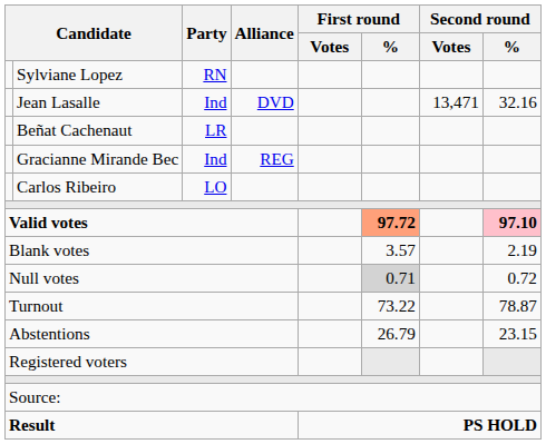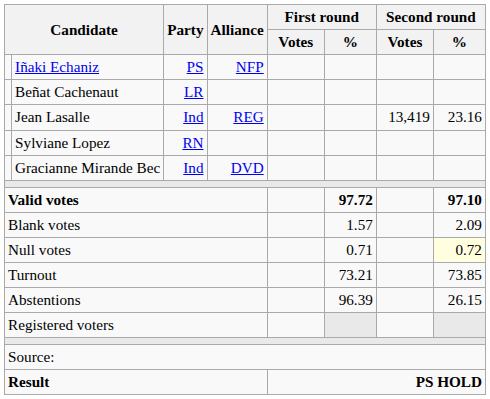 <table class="wikitable" style="text-align:right;font-size:95%;">
 <tr>
 <th colspan="2" rowspan="2">Candidate</th>
 <th colspan="1" rowspan="2">Party</th>
 <th colspan="1" rowspan="2">Alliance</th>
 <th colspan="2">First round</th>
 <th colspan="2">Second round</th>
 </tr>
 <tr>
 <th style="width:50px;">Votes</th>
 <th style="width:45px;">%</th>
 <th style="width:50px;">Votes</th>
 <th style="width:45px;">%</th>
 </tr>
 <tr>
 <td style="color:inherit;background:"></td>
-<td style="text-align:left;">Sylviane Lopez</td>
-<td><a href='#'>RN</a></td>
-<td></td>
+<td style="text-align:left;"><a href='#'>Iñaki Echaniz</a></td>
+<td><a href='#'>PS</a></td>
+<td><a href='#'>NFP</a></td>
 <td><strong></strong></td>
 <td><strong></strong></td>
-<td></td>
-<td></td>
-</tr>
-<tr>
-<td style="color:inherit;background:"></td>
-<td style="text-align:left;">Jean Lasalle</td>
-<td><a href='#'>Ind</a></td>
-<td><a href='#'>DVD</a></td>
 <td><strong></strong></td>
 <td><strong></strong></td>
-<td>13,471</td>
-<td>32.16</td>
 </tr>
 <tr>
 <td style="color:inherit;background:"></td>
 <td style="text-align:left;">Beñat Cachenaut</td>
 <td><a href='#'>LR</a></td>
 <td></td>
 <td></td>
 <td></td>
 <td></td>
 <td></td>
 </tr>
 <tr>
 <td style="color:inherit;background:"></td>
-<td style="text-align:left;">Gracianne Mirande Bec</td>
+<td style="text-align:left;">Jean Lasalle</td>
 <td><a href='#'>Ind</a></td>
 <td><a href='#'>REG</a></td>
+<td><strong></strong></td>
+<td><strong></strong></td>
+<td>13,419</td>
+<td>23.16</td>
+</tr>
+<tr>
+<td style="color:inherit;background:"></td>
+<td style="text-align:left;">Sylviane Lopez</td>
+<td><a href='#'>RN</a></td>
 <td></td>
-<td></td>
+<td><strong></strong></td>
+<td><strong></strong></td>
 <td></td>
 <td></td>
 </tr>
 <tr>
 <td style="color:inherit;background:"></td>
-<td style="text-align:left;">Carlos Ribeiro</td>
-<td><a href='#'>LO</a></td>
-<td></td>
+<td style="text-align:left;">Gracianne Mirande Bec</td>
+<td><a href='#'>Ind</a></td>
+<td><a href='#'>DVD</a></td>
 <td></td>
 <td></td>
 <td></td>
 <td></td>
 </tr>
 <tr>
 <td colspan="8" style="background:#E9E9E9;"></td>
 </tr>
 <tr>
 </tr>
 <tr style="font-weight:bold;">
 <td colspan="4" style="text-align:left;">Valid votes</td>
 <td></td>
-<td style="background: lightsalmon;">97.72</td>
+<td>97.72</td>
 <td></td>
-<td style="background: pink;">97.10</td>
+<td>97.10</td>
 </tr>
 <tr>
 <td colspan="4" style="text-align:left;">Blank votes</td>
 <td></td>
-<td>3.57</td>
+<td>1.57</td>
 <td></td>
-<td>2.19</td>
+<td>2.09</td>
 </tr>
 <tr>
 <td colspan="4" style="text-align:left;">Null votes</td>
 <td></td>
-<td style="background: lightgrey;">0.71</td>
+<td>0.71</td>
 <td></td>
-<td>0.72</td>
+<td style="background: lightyellow;">0.72</td>
 </tr>
 <tr>
 <td colspan="4" style="text-align:left;">Turnout</td>
 <td></td>
-<td>73.22</td>
+<td>73.21</td>
 <td></td>
-<td>78.87</td>
+<td>73.85</td>
 </tr>
 <tr>
 <td colspan="4" style="text-align:left;">Abstentions</td>
 <td></td>
-<td>26.79</td>
+<td>96.39</td>
 <td></td>
-<td>23.15</td>
+<td>26.15</td>
 </tr>
 <tr>
 <td colspan="4" style="text-align:left;">Registered voters</td>
 <td></td>
 <td style="background:#E9E9E9;"></td>
 <td></td>
 <td style="background:#E9E9E9;"></td>
 </tr>
 <tr>
 <td colspan="8" style="background:#E9E9E9;"></td>
 </tr>
 <tr>
 <td colspan="8" style="text-align:left;">Source: </td>
 </tr>
 <tr style="font-weight:bold">
 <td colspan="4" style="text-align:left;">Result</td>
 <td colspan="4" style="background-color:">PS HOLD</td>
 </tr>
 </table>
